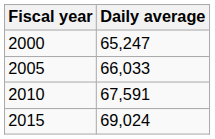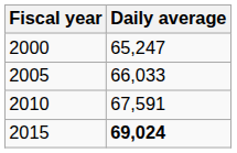 <table class="wikitable">
 <tr>
 <th>Fiscal year</th>
 <th>Daily average</th>
 </tr>
 <tr>
 <td>2000</td>
 <td>65,247</td>
 </tr>
 <tr>
 <td>2005</td>
 <td>66,033</td>
 </tr>
 <tr>
 <td>2010</td>
 <td>67,591</td>
 </tr>
 <tr>
 <td>2015</td>
-<td>69,024</td>
+<td><strong>69,024</strong></td>
 </tr>
 </table>
